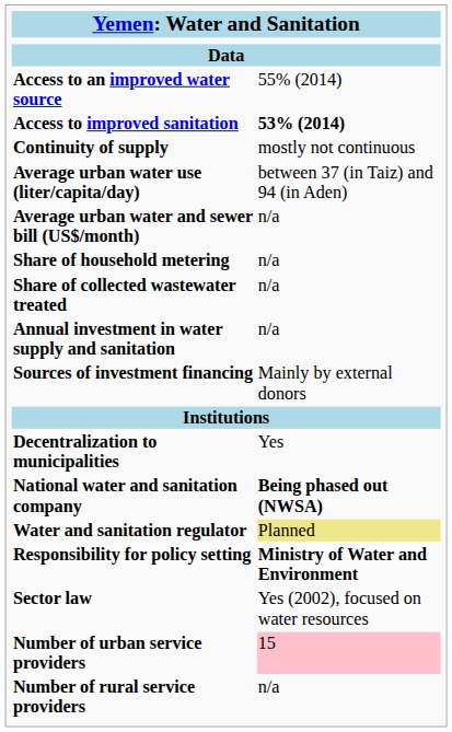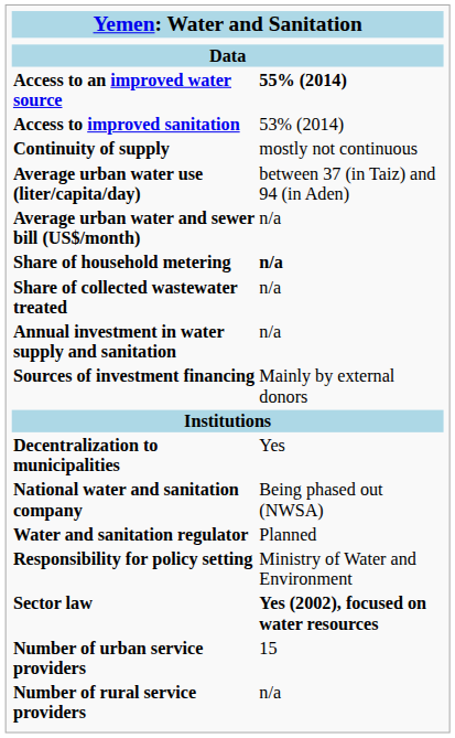 <table style="width: 25em; text-align: left;" class="infobox">
 <tr>
 <th align="center" bgcolor="lightblue" colspan="2"><big><a href='#'>Yemen</a>: Water and Sanitation</big></th>
 </tr>
 <tr>
 <td colspan="2" style="text-align:center"></td>
 </tr>
 <tr>
 <th align="center" bgcolor="lightblue" colspan="3">Data</th>
 </tr>
 <tr>
 <th align="left" valign="top">Access to an <a href='#'>improved water source</a></th>
-<td>55% (2014)</td>
+<td><strong>55% (2014)</strong></td>
 </tr>
 <tr>
 <th align="left" valign="top">Access to <a href='#'>improved sanitation</a></th>
-<td valign="top"><strong>53% (2014)</strong></td>
+<td valign="top">53% (2014)</td>
 </tr>
 <tr>
 <th align="left" valign="top">Continuity of supply</th>
 <td valign="top">mostly not continuous</td>
 </tr>
 <tr>
 <th align="left" valign="top">Average urban water use (liter/capita/day)</th>
 <td valign="top">between 37 (in Taiz) and 94 (in Aden) </td>
 </tr>
 <tr>
 <th align="left" valign="top">Average urban water and sewer bill (US$/month)</th>
 <td valign="top">n/a</td>
 </tr>
 <tr>
 <th align="left" valign="top">Share of household metering</th>
-<td valign="top">n/a</td>
+<td valign="top"><strong>n/a</strong></td>
 </tr>
 <tr>
 <th align="left" valign="top">Share of collected wastewater treated</th>
 <td valign="top">n/a</td>
 </tr>
 <tr>
 <th align="left" valign="top">Annual investment in water supply and sanitation</th>
 <td valign="top">n/a</td>
 </tr>
 <tr>
 <th align="left" valign="top">Sources of investment financing</th>
 <td valign="top">Mainly by external donors</td>
 </tr>
 <tr>
 <th align="center" bgcolor="lightblue" colspan="3">Institutions</th>
 </tr>
 <tr>
 <th align="left" valign="top">Decentralization to municipalities</th>
 <td valign="top">Yes</td>
 </tr>
 <tr>
 <th align="left" valign="top">National water and sanitation company</th>
-<td valign="top"><strong>Being phased out (NWSA)</strong></td>
+<td valign="top">Being phased out (NWSA)</td>
 </tr>
 <tr>
 <th align="left" valign="top">Water and sanitation regulator</th>
-<td valign="top" style="background: khaki;">Planned</td>
+<td valign="top">Planned</td>
 </tr>
 <tr>
 <th align="left" valign="top">Responsibility for policy setting</th>
-<td valign="top"><strong>Ministry of Water and Environment</strong></td>
+<td valign="top">Ministry of Water and Environment</td>
 </tr>
 <tr>
 <th align="left" valign="top">Sector law</th>
-<td valign="top">Yes (2002), focused on water resources</td>
+<td valign="top"><strong>Yes (2002), focused on water resources</strong></td>
 </tr>
 <tr>
 <th align="left" valign="top">Number of urban service providers</th>
-<td valign="top" style="background: pink;">15</td>
+<td valign="top">15</td>
 </tr>
 <tr>
 <th align="left" valign="top">Number of rural service providers</th>
 <td valign="top">n/a</td>
 </tr>
 <tr>
 </tr>
 </table>
